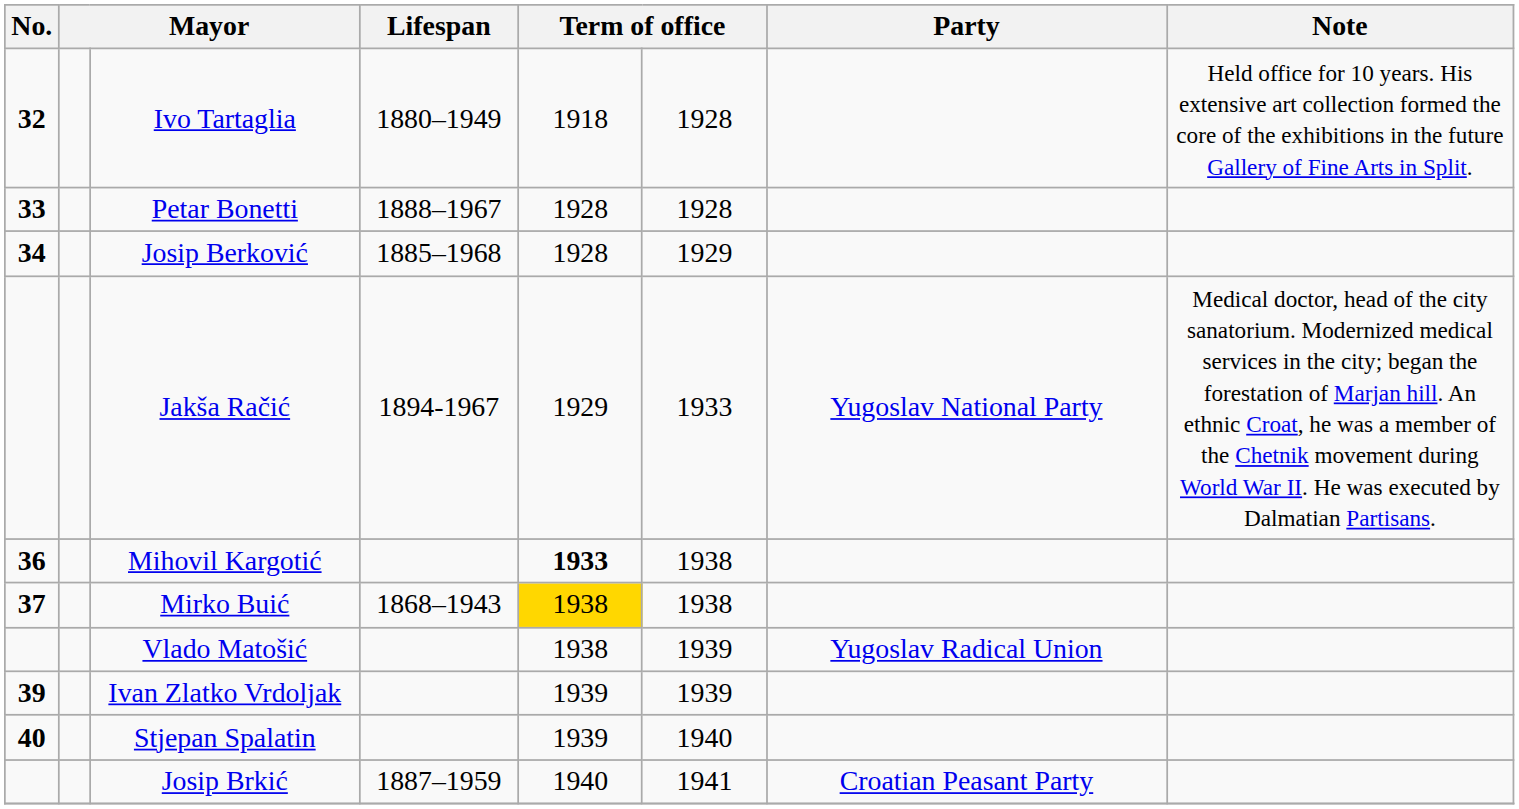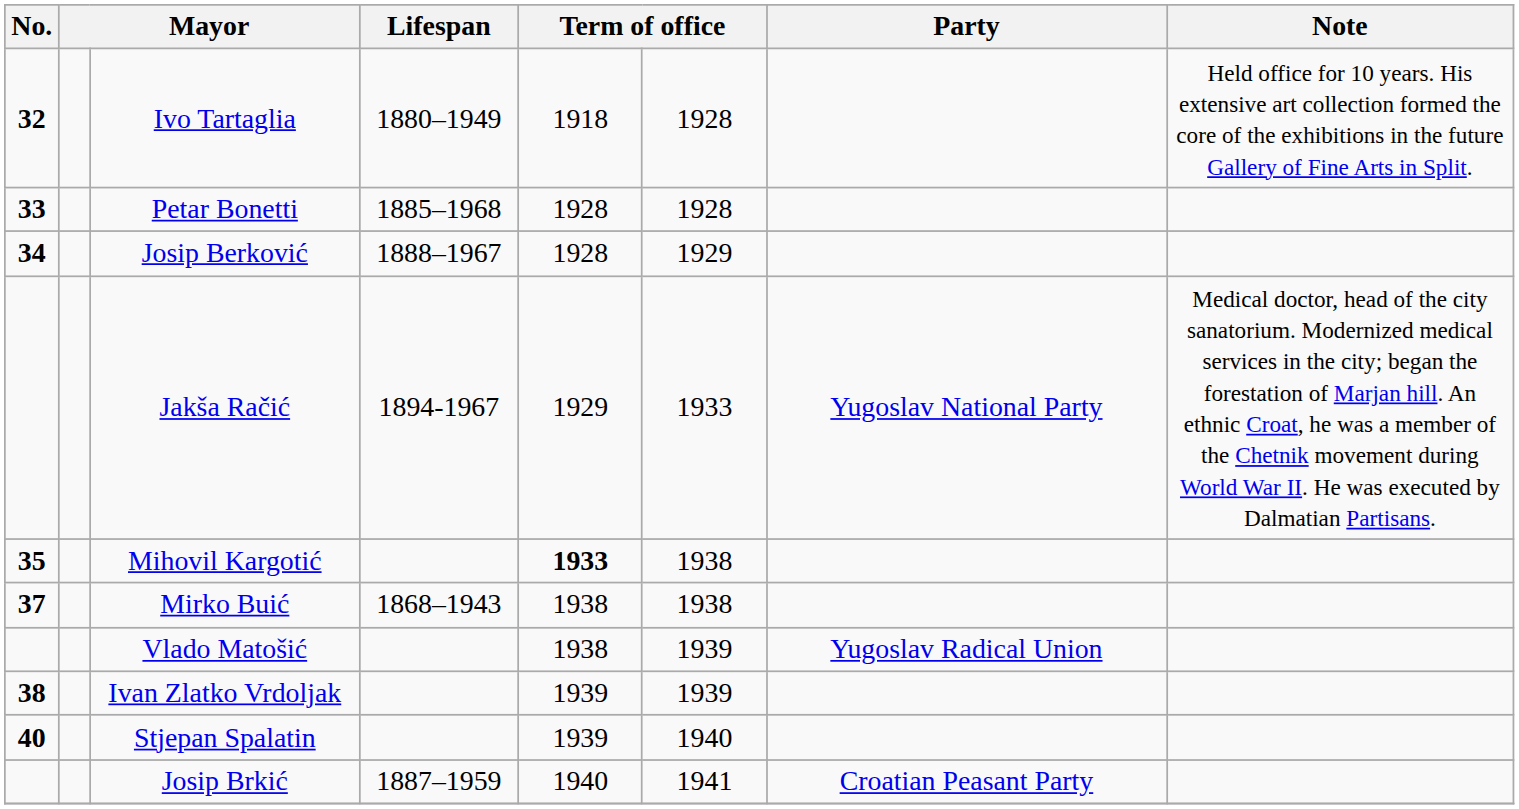 <table class="wikitable" style="text-align:center;">
 <tr>
 <th>No.</th>
 <th colspan=2>Mayor</th>
 <th>Lifespan</th>
 <th colspan=2>Term of office</th>
 <th>Party</th>
 <th>Note</th>
 </tr>
 <tr>
 <td style="background: ; width:1em"><strong>32</strong></td>
 <td style="width:1em;"></td>
 <td style="width:12em;"><a href='#'>Ivo Tartaglia</a></td>
 <td style="width:6em;">1880–1949</td>
 <td style="width:5em;"><small></small>1918</td>
 <td style="width:5em;"><small></small>1928</td>
 <td style="width:19em;"></td>
 <td style="width:16em;"><small>Held office for 10 years. His extensive art collection formed the core of the exhibitions in the future <a href='#'>Gallery of Fine Arts in Split</a>.</small></td>
 </tr>
 <tr>
 <td style="background: ; width:1em"><strong>33</strong></td>
 <td style="width:1em;"></td>
 <td style="width:12em;"><a href='#'>Petar Bonetti</a></td>
-<td style="width:6em;">1888–1967</td>
+<td style="width:6em;">1885–1968</td>
 <td style="width:5em;"><small></small>1928</td>
 <td style="width:5em;"><small></small>1928</td>
 <td style="width:19em;"></td>
 <td style="width:16em;"><small></small></td>
 </tr>
 <tr>
 <td style="background: ; width:1em"><strong>34</strong></td>
 <td style="width:1em;"></td>
 <td style="width:12em;"><a href='#'>Josip Berković</a></td>
-<td style="width:6em;">1885–1968</td>
+<td style="width:6em;">1888–1967</td>
 <td style="width:5em;"><small></small>1928</td>
 <td style="width:5em;"><small></small>1929</td>
 <td style="width:19em;"></td>
 <td style="width:16em;"><small></small></td>
 </tr>
 <tr>
 <td style="background: "></td>
 <td style="width:1em;"></td>
 <td style="width:12em;"><a href='#'>Jakša Račić</a></td>
 <td style="width:6em;">1894-1967</td>
 <td style="width:5em;"><small></small>1929</td>
 <td style="width:5em;"><small></small>1933</td>
 <td style="width:19em;"><a href='#'>Yugoslav National Party</a></td>
 <td style="width:16em;"><small>Medical doctor, head of the city sanatorium. Modernized medical services in the city; began the forestation of <a href='#'>Marjan hill</a>. An ethnic <a href='#'>Croat</a>, he was a member of the <a href='#'>Chetnik</a> movement during <a href='#'>World War II</a>. He was executed by Dalmatian <a href='#'>Partisans</a>.</small></td>
 </tr>
 <tr>
-<td style="background: ; width:1em"><strong>36</strong></td>
+<td style="background: ; width:1em"><strong>35</strong></td>
 <td style="width:1em;"></td>
 <td style="width:12em;"><a href='#'>Mihovil Kargotić</a></td>
 <td style="width:6em;"></td>
 <td style="width:5em;"><strong><small></small>1933</strong></td>
 <td style="width:5em;"><small></small>1938</td>
 <td style="width:19em;"></td>
 <td style="width:16em;"><small></small></td>
 </tr>
 <tr>
 <td style="background: ; width:1em"><strong>37</strong></td>
 <td style="width:1em;"></td>
 <td style="width:12em;"><a href='#'>Mirko Buić</a></td>
 <td style="width:6em;">1868–1943</td>
-<td style="background: gold; width:5em;"><small></small>1938</td>
+<td style="width:5em;"><small></small>1938</td>
 <td style="width:5em;"><small></small>1938</td>
 <td style="width:19em;"></td>
 <td style="width:16em;"><small></small></td>
 </tr>
 <tr>
 <td style="background: "></td>
 <td style="width:1em;"></td>
 <td style="width:12em;"><a href='#'>Vlado Matošić</a></td>
 <td style="width:6em;"></td>
 <td style="width:5em;"><small></small>1938</td>
 <td style="width:5em;"><small></small>1939</td>
 <td style="width:19em;"><a href='#'>Yugoslav Radical Union</a></td>
 <td style="width:16em;"><small></small></td>
 </tr>
 <tr>
-<td style="background: ; width:1em"><strong>39</strong></td>
+<td style="background: ; width:1em"><strong>38</strong></td>
 <td style="width:1em;"></td>
 <td style="width:12em;"><a href='#'>Ivan Zlatko Vrdoljak</a></td>
 <td style="width:6em;"></td>
 <td style="width:5em;"><small></small>1939</td>
 <td style="width:5em;"><small></small>1939</td>
 <td style="width:19em;"></td>
 <td style="width:16em;"><small></small></td>
 </tr>
 <tr>
 <td style="background: ; width:1em"><strong>40</strong></td>
 <td style="width:1em;"></td>
 <td style="width:12em;"><a href='#'>Stjepan Spalatin</a></td>
 <td style="width:6em;"></td>
 <td style="width:5em;"><small></small>1939</td>
 <td style="width:5em;"><small></small>1940</td>
 <td style="width:19em;"></td>
 <td style="width:16em;"><small></small></td>
 </tr>
 <tr>
 <td style="background: "></td>
 <td style="width:1em;"></td>
 <td style="width:12em;"><a href='#'>Josip Brkić</a></td>
 <td style="width:6em;">1887–1959</td>
 <td style="width:5em;"><small></small>1940</td>
 <td style="width:5em;"><small></small>1941</td>
 <td style="width:19em;"><a href='#'>Croatian Peasant Party</a></td>
 <td style="width:16em;"><small></small></td>
 </tr>
 <tr>
 </tr>
 </table>
